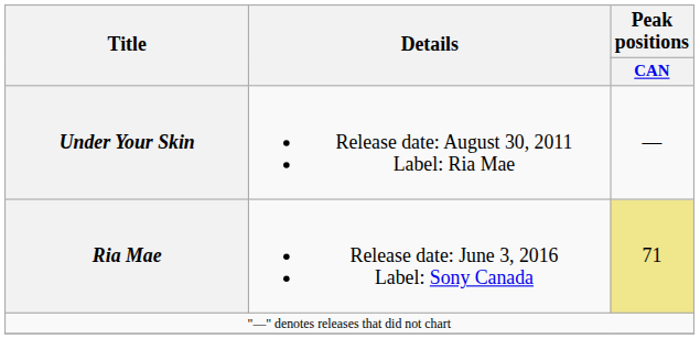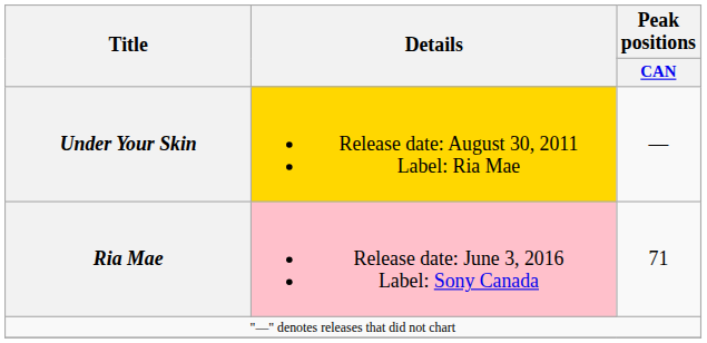 <table class="wikitable plainrowheaders" style="text-align:center;">
 <tr>
 <th rowspan="2" style="width:12em;">Title</th>
 <th rowspan="2" style="width:18em;">Details</th>
 <th>Peak positions</th>
 </tr>
 <tr style="font-size:smaller;">
 <th style="width:4em;"><a href='#'>CAN</a><br></th>
 </tr>
 <tr>
 <th scope="row"><em>Under Your Skin</em></th>
-<td><br><ul><li>Release date: August 30, 2011</li><li>Label: Ria Mae</li></ul></td>
+<td style="background: gold;"><br><ul><li>Release date: August 30, 2011</li><li>Label: Ria Mae</li></ul></td>
 <td>—</td>
 </tr>
 <tr>
 <th scope="row"><em>Ria Mae</em></th>
-<td><br><ul><li>Release date: June 3, 2016</li><li>Label: <a href='#'>Sony Canada</a></li></ul></td>
-<td style="background: khaki;">71</td>
+<td style="background: pink;"><br><ul><li>Release date: June 3, 2016</li><li>Label: <a href='#'>Sony Canada</a></li></ul></td>
+<td>71</td>
 </tr>
 <tr>
 <td colspan="4" style="font-size:8pt">"—" denotes releases that did not chart</td>
 </tr>
 <tr>
 </tr>
 </table>
